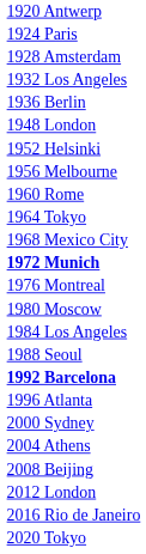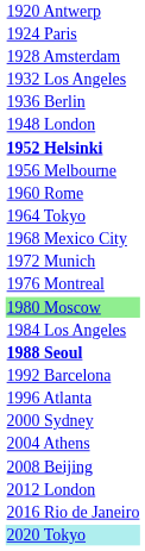 <table>
 <tr valign="top">
 <td><a href='#'>1920 Antwerp</a><br></td>
 <td></td>
 <td></td>
 <td></td>
 </tr>
 <tr valign="top">
 <td><a href='#'>1924 Paris</a><br></td>
 <td></td>
 <td></td>
 <td></td>
 </tr>
 <tr valign="top">
 <td><a href='#'>1928 Amsterdam</a><br></td>
 <td></td>
 <td></td>
 <td></td>
 </tr>
 <tr valign="top">
 <td><a href='#'>1932 Los Angeles</a><br></td>
 <td></td>
 <td></td>
 <td></td>
 </tr>
 <tr valign="top">
 <td><a href='#'>1936 Berlin</a><br></td>
 <td></td>
 <td></td>
 <td></td>
 </tr>
 <tr valign="top">
 <td><a href='#'>1948 London</a><br></td>
 <td></td>
 <td></td>
 <td></td>
 </tr>
 <tr valign="top">
-<td><a href='#'>1952 Helsinki</a><br></td>
+<td><strong><a href='#'>1952 Helsinki</a><br></strong></td>
 <td></td>
 <td></td>
 <td><br></td>
 </tr>
 <tr valign="top">
 <td><a href='#'>1956 Melbourne</a><br></td>
 <td></td>
 <td></td>
 <td><br></td>
 </tr>
 <tr valign="top">
 <td><a href='#'>1960 Rome</a><br></td>
 <td></td>
 <td></td>
 <td><br></td>
 </tr>
 <tr valign="top">
 <td><a href='#'>1964 Tokyo</a><br></td>
 <td></td>
 <td></td>
 <td><br></td>
 </tr>
 <tr valign="top">
 <td><a href='#'>1968 Mexico City</a><br></td>
 <td></td>
 <td></td>
 <td><br></td>
 </tr>
 <tr valign="top">
-<td><strong><a href='#'>1972 Munich</a><br></strong></td>
+<td><a href='#'>1972 Munich</a><br></td>
 <td></td>
 <td></td>
 <td><br></td>
 </tr>
 <tr valign="top">
 <td><a href='#'>1976 Montreal</a><br></td>
 <td></td>
 <td></td>
 <td><br></td>
 </tr>
 <tr valign="top">
-<td><a href='#'>1980 Moscow</a><br></td>
+<td style="background: lightgreen;"><a href='#'>1980 Moscow</a><br></td>
 <td></td>
 <td></td>
 <td><br></td>
 </tr>
 <tr valign="top">
 <td><a href='#'>1984 Los Angeles</a><br></td>
 <td></td>
 <td></td>
 <td><br></td>
 </tr>
 <tr valign="top">
-<td><a href='#'>1988 Seoul</a><br></td>
+<td><strong><a href='#'>1988 Seoul</a><br></strong></td>
 <td></td>
 <td></td>
 <td><br></td>
 </tr>
 <tr valign="top">
-<td><strong><a href='#'>1992 Barcelona</a><br></strong></td>
+<td><a href='#'>1992 Barcelona</a><br></td>
 <td></td>
 <td></td>
 <td><br></td>
 </tr>
 <tr valign="top">
 <td><a href='#'>1996 Atlanta</a><br></td>
 <td></td>
 <td></td>
 <td><br></td>
 </tr>
 <tr valign="top">
 <td><a href='#'>2000 Sydney</a><br></td>
 <td></td>
 <td></td>
 <td><br></td>
 </tr>
 <tr valign="top">
 <td><a href='#'>2004 Athens</a><br></td>
 <td></td>
 <td></td>
 <td><br></td>
 </tr>
 <tr valign="top">
 <td><a href='#'>2008 Beijing</a><br></td>
 <td></td>
 <td></td>
 <td><br></td>
 </tr>
 <tr valign="top">
 <td><a href='#'>2012 London</a><br></td>
 <td></td>
 <td></td>
 <td><br></td>
 </tr>
 <tr valign="top">
 <td><a href='#'>2016 Rio de Janeiro</a><br></td>
 <td></td>
 <td></td>
 <td><br></td>
 </tr>
 <tr valign="top">
-<td><a href='#'>2020 Tokyo</a><br></td>
+<td style="background: paleturquoise;"><a href='#'>2020 Tokyo</a><br></td>
 <td></td>
 <td></td>
 <td><br></td>
 </tr>
 <tr>
 </tr>
 </table>
